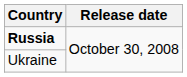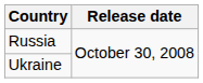 <table class="wikitable">
 <tr>
 <th>Country</th>
 <th>Release date</th>
 </tr>
 <tr>
-<td><strong>Russia</strong></td>
+<td>Russia</td>
 <td rowspan="2">October 30, 2008</td>
 </tr>
 <tr>
 <td>Ukraine</td>
 </tr>
 </table>
